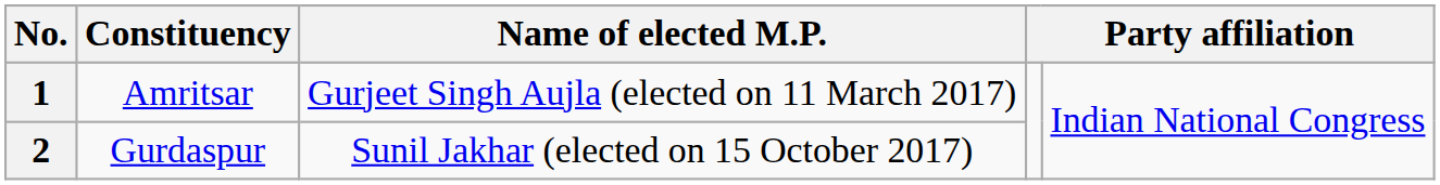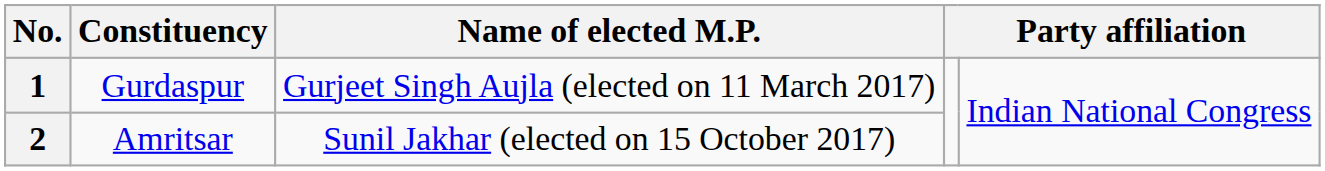 <table class="sortable wikitable" style="text-align:center">
 <tr>
 <th>No.</th>
 <th>Constituency</th>
 <th>Name of elected M.P.</th>
 <th colspan="2">Party affiliation</th>
 </tr>
 <tr>
 <th>1</th>
-<td><a href='#'>Amritsar</a></td>
+<td><a href='#'>Gurdaspur</a></td>
 <td><a href='#'>Gurjeet Singh Aujla</a> (elected on 11 March 2017)</td>
 <td rowspan=2 style="background-color: "></td>
 <td rowspan=2><a href='#'>Indian National Congress</a></td>
 </tr>
 <tr>
 <th>2</th>
-<td><a href='#'>Gurdaspur</a></td>
+<td><a href='#'>Amritsar</a></td>
 <td><a href='#'>Sunil Jakhar</a> (elected on 15 October 2017)</td>
 </tr>
 </table>
